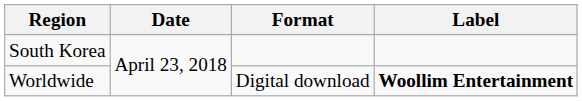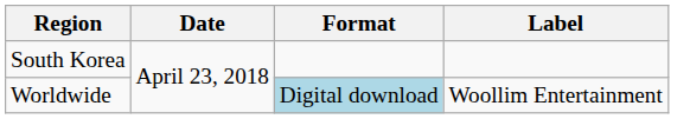 <table class = "wikitable plainrowheaders">
 <tr>
 <th>Region</th>
 <th>Date</th>
 <th>Format</th>
 <th>Label</th>
 </tr>
 <tr>
 <td>South Korea</td>
 <td rowspan="2">April 23, 2018</td>
 <td></td>
 <td></td>
 </tr>
 <tr>
 <td>Worldwide</td>
-<td>Digital download</td>
-<td><strong>Woollim Entertainment</strong></td>
+<td style="background: lightblue;">Digital download</td>
+<td>Woollim Entertainment</td>
 </tr>
 </table>
